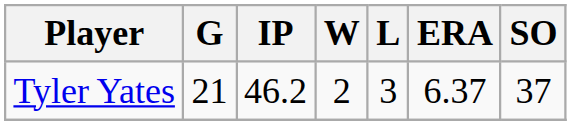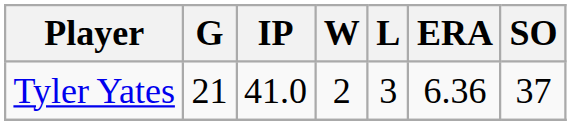 <table class="wikitable sortable">
 <tr>
 <th>Player</th>
 <th>G</th>
 <th>IP</th>
 <th>W</th>
 <th>L</th>
 <th>ERA</th>
 <th>SO</th>
 </tr>
 <tr align=center>
 <td><a href='#'>Tyler Yates</a></td>
 <td>21</td>
-<td>46.2</td>
+<td>41.0</td>
 <td>2</td>
 <td>3</td>
-<td>6.37</td>
+<td>6.36</td>
 <td>37</td>
 </tr>
 <tr align=center>
 </tr>
 </table>
